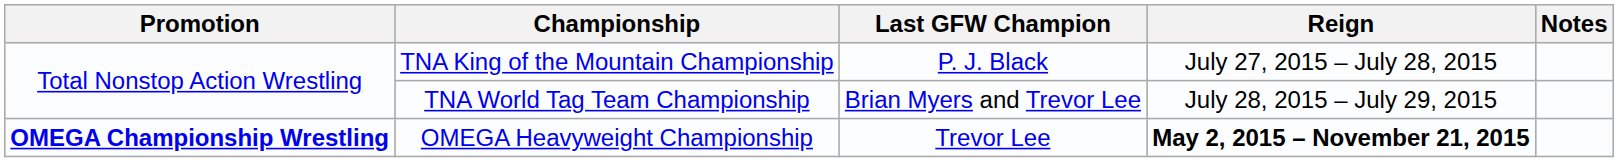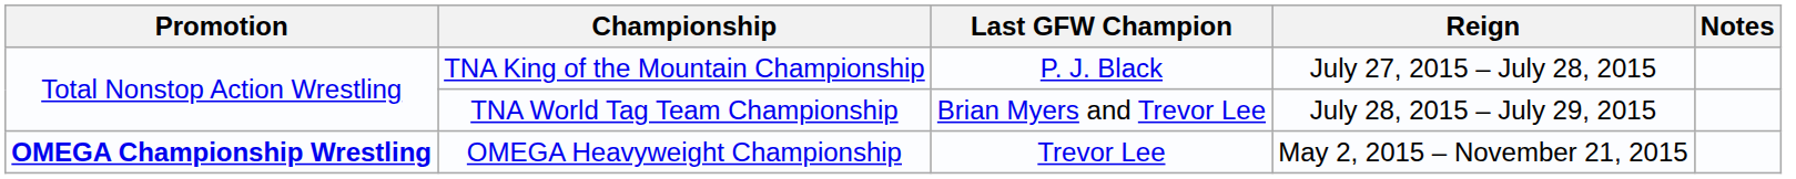 <table class="wikitable" style="background:#fcfdff; font-size:95%; text-align: center;">
 <tr>
 <th>Promotion</th>
 <th>Championship</th>
 <th>Last GFW Champion</th>
 <th>Reign</th>
 <th>Notes</th>
 </tr>
 <tr>
 <td rowspan=2><a href='#'>Total Nonstop Action Wrestling</a></td>
 <td><a href='#'>TNA King of the Mountain Championship</a></td>
 <td><a href='#'>P. J. Black</a></td>
 <td>July 27, 2015 – July 28, 2015</td>
 <td></td>
 </tr>
 <tr>
 <td><a href='#'>TNA World Tag Team Championship</a></td>
 <td><a href='#'>Brian Myers</a> and <a href='#'>Trevor Lee</a></td>
 <td>July 28, 2015 – July 29, 2015</td>
 <td></td>
 </tr>
 <tr>
 <td><strong><a href='#'>OMEGA Championship Wrestling</a></strong></td>
 <td><a href='#'>OMEGA Heavyweight Championship</a></td>
 <td><a href='#'>Trevor Lee</a></td>
-<td><strong>May 2, 2015 – November 21, 2015</strong></td>
+<td>May 2, 2015 – November 21, 2015</td>
 <td></td>
 </tr>
 </table>
